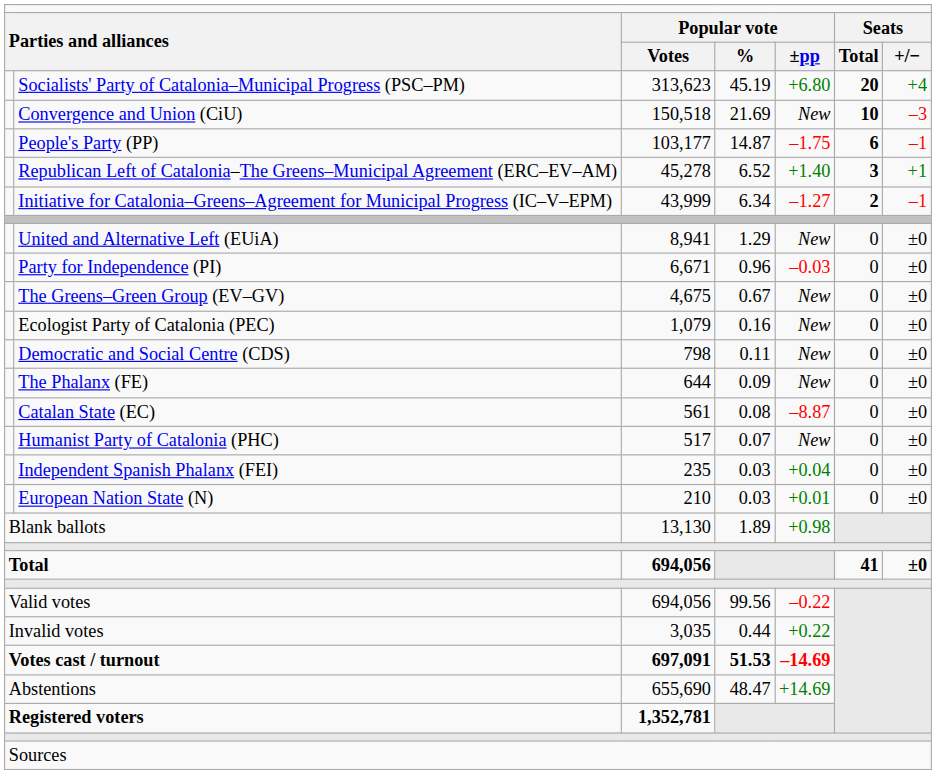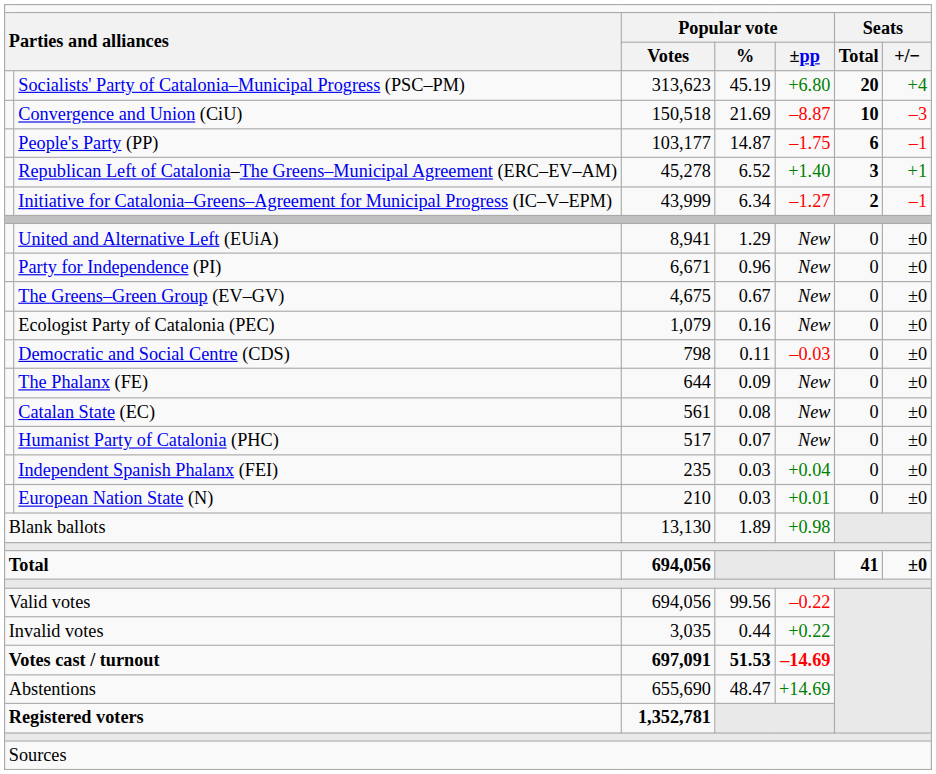 <table class="wikitable" style="text-align:right;">
 <tr>
 <td colspan="7"></td>
 </tr>
 <tr>
 <th style="text-align:left;" rowspan="2" colspan="2" width="525">Parties and alliances</th>
 <th colspan="3">Popular vote</th>
 <th colspan="2">Seats</th>
 </tr>
 <tr>
 <th width="75">Votes</th>
 <th width="45">%</th>
 <th width="45">±<a href='#'>pp</a></th>
 <th width="35">Total</th>
 <th width="35">+/−</th>
 </tr>
 <tr>
 <td width="1" style="color:inherit;background:"></td>
 <td align="left"><a href='#'>Socialists' Party of Catalonia–Municipal Progress</a> (PSC–PM)</td>
 <td>313,623</td>
 <td>45.19</td>
 <td style="color:green;">+6.80</td>
 <td><strong>20</strong></td>
 <td style="color:green;">+4</td>
 </tr>
 <tr>
 <td style="color:inherit;background:"></td>
 <td align="left"><a href='#'>Convergence and Union</a> (CiU)</td>
 <td>150,518</td>
 <td>21.69</td>
-<td><em>New</em></td>
+<td style="color:red;">–8.87</td>
 <td><strong>10</strong></td>
 <td style="color:red;">–3</td>
 </tr>
 <tr>
 <td style="color:inherit;background:"></td>
 <td align="left"><a href='#'>People's Party</a> (PP)</td>
 <td>103,177</td>
 <td>14.87</td>
 <td style="color:red;">–1.75</td>
 <td><strong>6</strong></td>
 <td style="color:red;">–1</td>
 </tr>
 <tr>
 <td style="color:inherit;background:"></td>
 <td align="left"><a href='#'>Republican Left of Catalonia</a>–<a href='#'>The Greens–Municipal Agreement</a> (ERC–EV–AM)</td>
 <td>45,278</td>
 <td>6.52</td>
 <td style="color:green;">+1.40</td>
 <td><strong>3</strong></td>
 <td style="color:green;">+1</td>
 </tr>
 <tr>
 <td style="color:inherit;background:"></td>
 <td align="left"><a href='#'>Initiative for Catalonia–Greens–Agreement for Municipal Progress</a> (IC–V–EPM)</td>
 <td>43,999</td>
 <td>6.34</td>
 <td style="color:red;">–1.27</td>
 <td><strong>2</strong></td>
 <td style="color:red;">–1</td>
 </tr>
 <tr>
 <td colspan="7" bgcolor="#C0C0C0"></td>
 </tr>
 <tr>
 <td style="color:inherit;background:"></td>
 <td align="left"><a href='#'>United and Alternative Left</a> (EUiA)</td>
 <td>8,941</td>
 <td>1.29</td>
 <td><em>New</em></td>
 <td>0</td>
 <td>±0</td>
 </tr>
 <tr>
 <td style="color:inherit;background:"></td>
 <td align="left"><a href='#'>Party for Independence</a> (PI)</td>
 <td>6,671</td>
 <td>0.96</td>
-<td style="color:red;">–0.03</td>
+<td><em>New</em></td>
 <td>0</td>
 <td>±0</td>
 </tr>
 <tr>
 <td style="color:inherit;background:"></td>
 <td align="left"><a href='#'>The Greens–Green Group</a> (EV–GV)</td>
 <td>4,675</td>
 <td>0.67</td>
 <td><em>New</em></td>
 <td>0</td>
 <td>±0</td>
 </tr>
 <tr>
 <td style="color:inherit;background:"></td>
 <td align="left">Ecologist Party of Catalonia (PEC)</td>
 <td>1,079</td>
 <td>0.16</td>
 <td><em>New</em></td>
 <td>0</td>
 <td>±0</td>
 </tr>
 <tr>
 <td style="color:inherit;background:"></td>
 <td align="left"><a href='#'>Democratic and Social Centre</a> (CDS)</td>
 <td>798</td>
 <td>0.11</td>
-<td><em>New</em></td>
+<td style="color:red;">–0.03</td>
 <td>0</td>
 <td>±0</td>
 </tr>
 <tr>
 <td style="color:inherit;background:"></td>
 <td align="left"><a href='#'>The Phalanx</a> (FE)</td>
 <td>644</td>
 <td>0.09</td>
 <td><em>New</em></td>
 <td>0</td>
 <td>±0</td>
 </tr>
 <tr>
 <td style="color:inherit;background:"></td>
 <td align="left"><a href='#'>Catalan State</a> (EC)</td>
 <td>561</td>
 <td>0.08</td>
-<td style="color:red;">–8.87</td>
+<td><em>New</em></td>
 <td>0</td>
 <td>±0</td>
 </tr>
 <tr>
 <td style="color:inherit;background:"></td>
 <td align="left"><a href='#'>Humanist Party of Catalonia</a> (PHC)</td>
 <td>517</td>
 <td>0.07</td>
 <td><em>New</em></td>
 <td>0</td>
 <td>±0</td>
 </tr>
 <tr>
 <td style="color:inherit;background:"></td>
 <td align="left"><a href='#'>Independent Spanish Phalanx</a> (FEI)</td>
 <td>235</td>
 <td>0.03</td>
 <td style="color:green;">+0.04</td>
 <td>0</td>
 <td>±0</td>
 </tr>
 <tr>
 <td style="color:inherit;background:"></td>
 <td align="left"><a href='#'>European Nation State</a> (N)</td>
 <td>210</td>
 <td>0.03</td>
 <td style="color:green;">+0.01</td>
 <td>0</td>
 <td>±0</td>
 </tr>
 <tr>
 <td align="left" colspan="2">Blank ballots</td>
 <td>13,130</td>
 <td>1.89</td>
 <td style="color:green;">+0.98</td>
 <td bgcolor="#E9E9E9" colspan="2"></td>
 </tr>
 <tr>
 <td colspan="7" bgcolor="#E9E9E9"></td>
 </tr>
 <tr style="font-weight:bold;">
 <td align="left" colspan="2">Total</td>
 <td>694,056</td>
 <td bgcolor="#E9E9E9" colspan="2"></td>
 <td>41</td>
 <td>±0</td>
 </tr>
 <tr>
 <td colspan="7" bgcolor="#E9E9E9"></td>
 </tr>
 <tr>
 <td align="left" colspan="2">Valid votes</td>
 <td>694,056</td>
 <td>99.56</td>
 <td style="color:red;">–0.22</td>
 <td bgcolor="#E9E9E9" colspan="2" rowspan="5"></td>
 </tr>
 <tr>
 <td align="left" colspan="2">Invalid votes</td>
 <td>3,035</td>
 <td>0.44</td>
 <td style="color:green;">+0.22</td>
 </tr>
 <tr style="font-weight:bold;">
 <td align="left" colspan="2">Votes cast / turnout</td>
 <td>697,091</td>
 <td>51.53</td>
 <td style="color:red;">–14.69</td>
 </tr>
 <tr>
 <td align="left" colspan="2">Abstentions</td>
 <td>655,690</td>
 <td>48.47</td>
 <td style="color:green;">+14.69</td>
 </tr>
 <tr style="font-weight:bold;">
 <td align="left" colspan="2">Registered voters</td>
 <td>1,352,781</td>
 <td bgcolor="#E9E9E9" colspan="2"></td>
 </tr>
 <tr>
 <td colspan="7" bgcolor="#E9E9E9"></td>
 </tr>
 <tr>
 <td align="left" colspan="7">Sources</td>
 </tr>
 </table>
